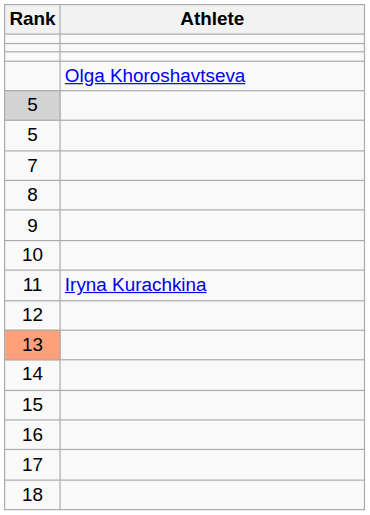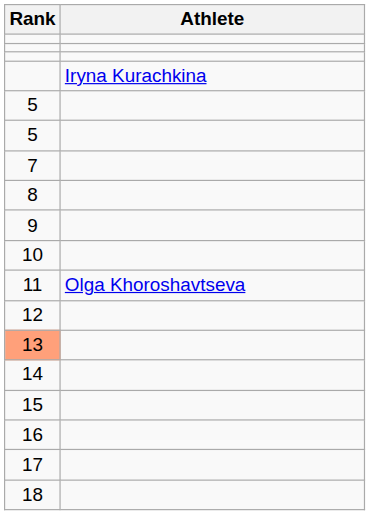 <table class="wikitable" style="text-align: center;">
 <tr>
 <th width=40>Rank</th>
 <th width=250>Athlete</th>
 </tr>
 <tr>
 <td></td>
 <td align="left"></td>
 </tr>
 <tr>
 <td></td>
 <td align="left"></td>
 </tr>
 <tr>
 <td></td>
 <td align="left"></td>
 </tr>
 <tr>
 <td></td>
-<td align="left"> <a href='#'>Olga Khoroshavtseva</a> </td>
+<td align="left"> <a href='#'>Iryna Kurachkina</a> </td>
 </tr>
 <tr>
-<td style="background: lightgrey;">5</td>
+<td>5</td>
 <td align="left"></td>
 </tr>
 <tr>
 <td>5</td>
 <td align="left"></td>
 </tr>
 <tr>
 <td>7</td>
 <td align="left"></td>
 </tr>
 <tr>
 <td>8</td>
 <td align="left"></td>
 </tr>
 <tr>
 <td>9</td>
 <td align="left"></td>
 </tr>
 <tr>
 <td>10</td>
 <td align="left"></td>
 </tr>
 <tr>
 <td>11</td>
-<td align="left"> <a href='#'>Iryna Kurachkina</a> </td>
+<td align="left"> <a href='#'>Olga Khoroshavtseva</a> </td>
 </tr>
 <tr>
 <td>12</td>
 <td align="left"></td>
 </tr>
 <tr>
 <td style="background: lightsalmon;">13</td>
 <td align="left"></td>
 </tr>
 <tr>
 <td>14</td>
 <td align="left"></td>
 </tr>
 <tr>
 <td>15</td>
 <td align="left"></td>
 </tr>
 <tr>
 <td>16</td>
 <td align="left"></td>
 </tr>
 <tr>
 <td>17</td>
 <td align="left"></td>
 </tr>
 <tr>
 <td>18</td>
 <td align="left"></td>
 </tr>
 </table>
